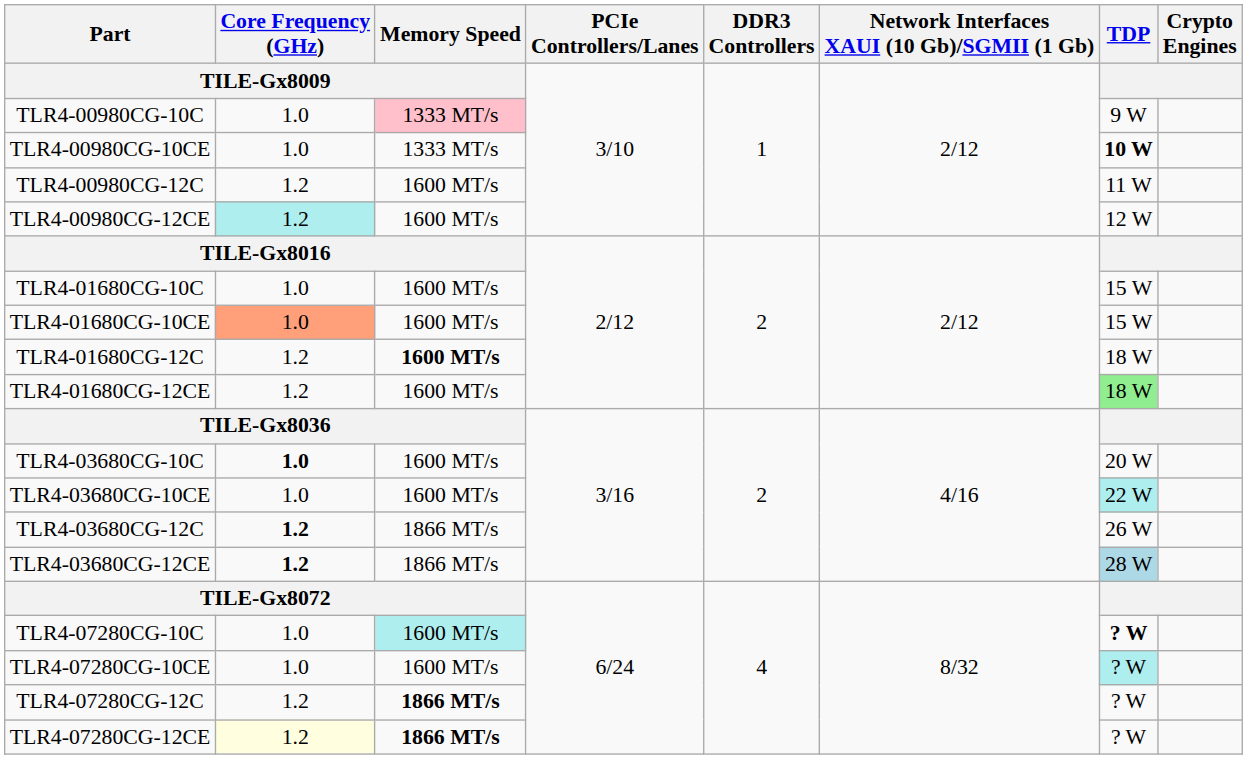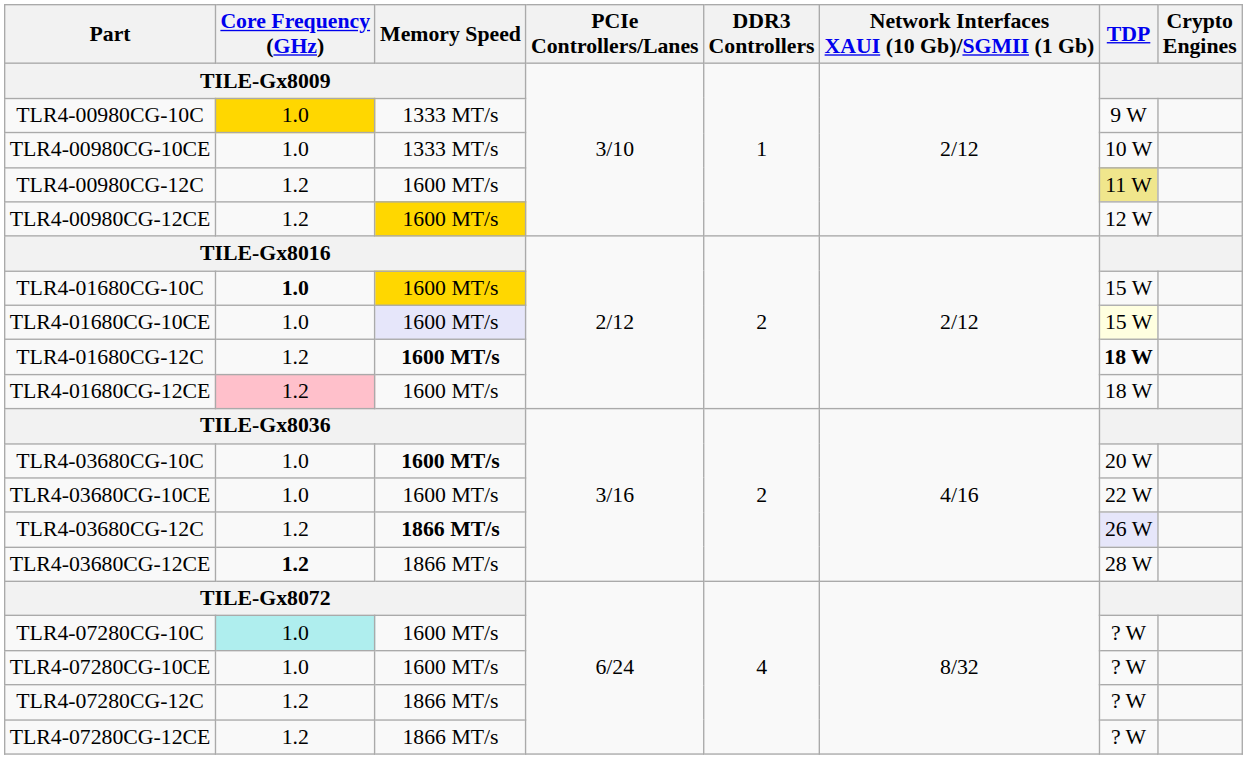 <table class="wikitable sortable" style="text-align: center;">
 <tr>
 <th>Part</th>
 <th><a href='#'>Core Frequency</a><br>(<a href='#'>GHz</a>)</th>
 <th>Memory Speed</th>
 <th>PCIe<br>Controllers/Lanes</th>
 <th>DDR3<br>Controllers</th>
 <th>Network Interfaces<br><a href='#'>XAUI</a> (10 Gb)/<a href='#'>SGMII</a> (1 Gb)</th>
 <th><a href='#'>TDP</a></th>
 <th>Crypto<br>Engines</th>
 </tr>
 <tr>
 <th colspan=3>TILE-Gx8009</th>
 <td rowspan=5>3/10</td>
 <td rowspan=5>1</td>
 <td rowspan=5>2/12</td>
 <th colspan=2></th>
 </tr>
 <tr>
 <td>TLR4-00980CG-10C</td>
-<td>1.0</td>
-<td style="background: pink;">1333 MT/s</td>
+<td style="background: gold;">1.0</td>
+<td>1333 MT/s</td>
 <td>9 W</td>
 <td></td>
 </tr>
 <tr>
 <td>TLR4-00980CG-10CE</td>
 <td>1.0</td>
 <td>1333 MT/s</td>
-<td><strong>10 W</strong></td>
+<td>10 W</td>
 <td></td>
 </tr>
 <tr>
 <td>TLR4-00980CG-12C</td>
 <td>1.2</td>
 <td>1600 MT/s</td>
-<td>11 W</td>
+<td style="background: khaki;">11 W</td>
 <td></td>
 </tr>
 <tr>
 <td>TLR4-00980CG-12CE</td>
-<td style="background: paleturquoise;">1.2</td>
-<td>1600 MT/s</td>
+<td>1.2</td>
+<td style="background: gold;">1600 MT/s</td>
 <td>12 W</td>
 <td></td>
 </tr>
 <tr>
 <th colspan=3>TILE-Gx8016</th>
 <td rowspan=5>2/12</td>
 <td rowspan=5>2</td>
 <td rowspan=5>2/12</td>
 <th colspan=2></th>
 </tr>
 <tr>
 <td>TLR4-01680CG-10C</td>
-<td>1.0</td>
-<td>1600 MT/s</td>
+<td><strong>1.0</strong></td>
+<td style="background: gold;">1600 MT/s</td>
 <td>15 W</td>
 <td></td>
 </tr>
 <tr>
 <td>TLR4-01680CG-10CE</td>
-<td style="background: lightsalmon;">1.0</td>
-<td>1600 MT/s</td>
-<td>15 W</td>
+<td>1.0</td>
+<td style="background: lavender;">1600 MT/s</td>
+<td style="background: lightyellow;">15 W</td>
 <td></td>
 </tr>
 <tr>
 <td>TLR4-01680CG-12C</td>
 <td>1.2</td>
 <td><strong>1600 MT/s</strong></td>
-<td>18 W</td>
+<td><strong>18 W</strong></td>
 <td></td>
 </tr>
 <tr>
 <td>TLR4-01680CG-12CE</td>
-<td>1.2</td>
+<td style="background: pink;">1.2</td>
 <td>1600 MT/s</td>
-<td style="background: lightgreen;">18 W</td>
+<td>18 W</td>
 <td></td>
 </tr>
 <tr>
 <th colspan=3>TILE-Gx8036</th>
 <td rowspan=5>3/16</td>
 <td rowspan=5>2</td>
 <td rowspan=5>4/16</td>
 <th colspan=2></th>
 </tr>
 <tr>
 <td>TLR4-03680CG-10C</td>
-<td><strong>1.0</strong></td>
-<td>1600 MT/s</td>
+<td>1.0</td>
+<td><strong>1600 MT/s</strong></td>
 <td>20 W</td>
 <td></td>
 </tr>
 <tr>
 <td>TLR4-03680CG-10CE</td>
 <td>1.0</td>
 <td>1600 MT/s</td>
-<td style="background: paleturquoise;">22 W</td>
+<td>22 W</td>
 <td></td>
 </tr>
 <tr>
 <td>TLR4-03680CG-12C</td>
-<td><strong>1.2</strong></td>
-<td>1866 MT/s</td>
-<td>26 W</td>
+<td>1.2</td>
+<td><strong>1866 MT/s</strong></td>
+<td style="background: lavender;">26 W</td>
 <td></td>
 </tr>
 <tr>
 <td>TLR4-03680CG-12CE</td>
 <td><strong>1.2</strong></td>
 <td>1866 MT/s</td>
-<td style="background: lightblue;">28 W</td>
+<td>28 W</td>
 <td></td>
 </tr>
 <tr>
 <th colspan=3>TILE-Gx8072</th>
 <td rowspan=5>6/24</td>
 <td rowspan=5>4</td>
 <td rowspan=5>8/32</td>
 <th colspan=2></th>
 </tr>
 <tr>
 <td>TLR4-07280CG-10C</td>
-<td>1.0</td>
-<td style="background: paleturquoise;">1600 MT/s</td>
-<td><strong>? W</strong></td>
+<td style="background: paleturquoise;">1.0</td>
+<td>1600 MT/s</td>
+<td>? W</td>
 <td></td>
 </tr>
 <tr>
 <td>TLR4-07280CG-10CE</td>
 <td>1.0</td>
 <td>1600 MT/s</td>
-<td style="background: paleturquoise;">? W</td>
+<td>? W</td>
 <td></td>
 </tr>
 <tr>
 <td>TLR4-07280CG-12C</td>
 <td>1.2</td>
-<td><strong>1866 MT/s</strong></td>
+<td>1866 MT/s</td>
 <td>? W</td>
 <td></td>
 </tr>
 <tr>
 <td>TLR4-07280CG-12CE</td>
-<td style="background: lightyellow;">1.2</td>
-<td><strong>1866 MT/s</strong></td>
+<td>1.2</td>
+<td>1866 MT/s</td>
 <td>? W</td>
 <td></td>
 </tr>
 </table>
